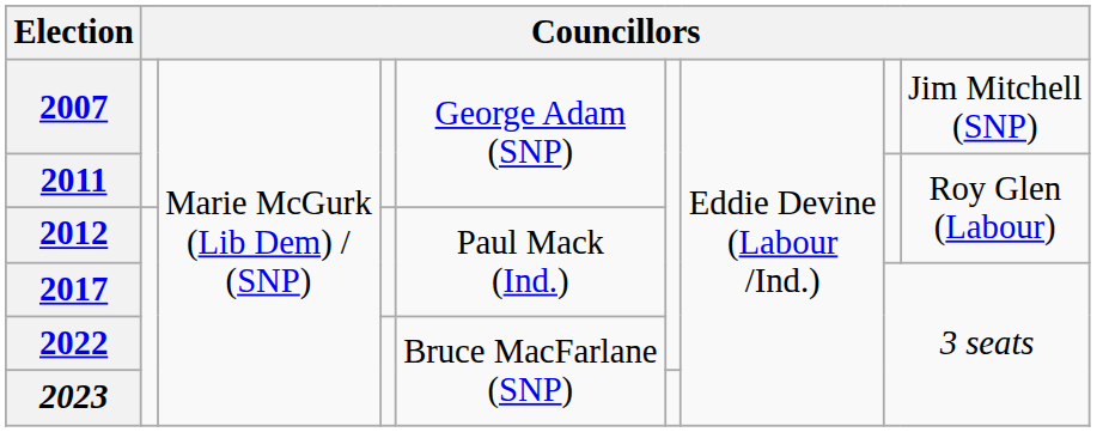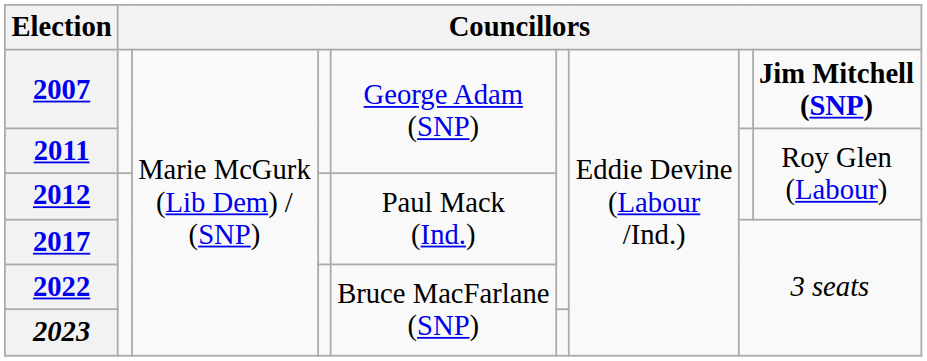 <table class="wikitable" style="text-align:center">
 <tr>
 <th>Election</th>
 <th colspan=8>Councillors</th>
 </tr>
 <tr>
 <th><a href='#'>2007</a></th>
 <td rowspan=2 style="color:inherit;background-color: "></td>
 <td rowspan=6>Marie McGurk<br>(<a href='#'>Lib Dem</a>) /<br>(<a href='#'>SNP</a>)</td>
 <td rowspan=2 style="color:inherit;background-color: "></td>
 <td rowspan=2><a href='#'>George Adam</a><br>(<a href='#'>SNP</a>)</td>
 <td rowspan=5 style="color:inherit;background-color: "></td>
 <td rowspan=6>Eddie Devine<br>(<a href='#'>Labour</a><br>/Ind.)</td>
 <td rowspan=1 style="color:inherit;background-color: "></td>
-<td rowspan=1>Jim Mitchell<br>(<a href='#'>SNP</a>)</td>
+<td rowspan=1><strong>Jim Mitchell<br>(<a href='#'>SNP</a>)</strong></td>
 </tr>
 <tr>
 <th><a href='#'>2011</a></th>
 <td rowspan=2 style="color:inherit;background-color: "></td>
 <td rowspan=2>Roy Glen<br>(<a href='#'>Labour</a>)</td>
 </tr>
 <tr>
 <th><a href='#'>2012</a></th>
 <td rowspan=4 style="color:inherit;background-color: "></td>
 <td rowspan=2 style="color:inherit;background-color: "></td>
 <td rowspan=2>Paul Mack<br>(<a href='#'>Ind.</a>)</td>
 </tr>
 <tr>
 <th><a href='#'>2017</a></th>
 <td rowspan=3; colspan=2><em>3 seats</em></td>
 </tr>
 <tr>
 <th><a href='#'>2022</a></th>
 <td rowspan=2 style="color:inherit;background-color: "></td>
 <td rowspan=2>Bruce MacFarlane<br>(<a href='#'>SNP</a>)</td>
 </tr>
 <tr>
 <th><em>2023</em></th>
 <td rowspan=1 style="color:inherit;background-color: "></td>
 </tr>
 </table>
